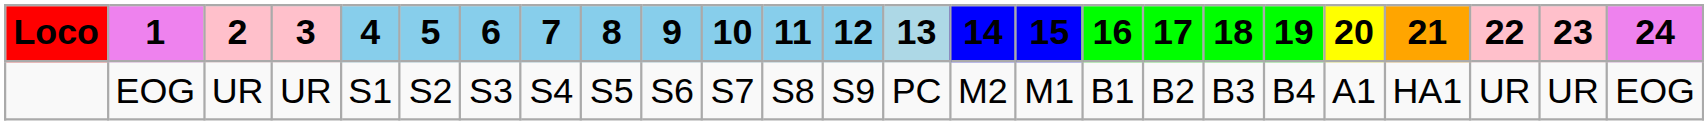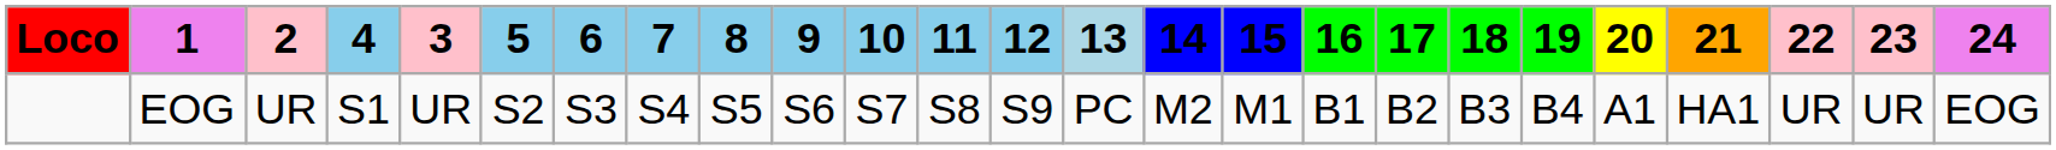 <table class="wikitable plainrowheaders unsortable" style="text-align:center">
 <tr>
 <th scope="col" rowspan="1" style="background:red;">Loco</th>
 <th scope="col" rowspan="1" style="background:violet;">1</th>
 <th scope="col" rowspan="1" style="background:pink;">2</th>
+<th scope="col" rowspan="1" style="background:skyblue;">4</th>
 <th scope="col" rowspan="1" style="background:pink;">3</th>
-<th scope="col" rowspan="1" style="background:skyblue;">4</th>
 <th scope="col" rowspan="1" style="background:skyblue;">5</th>
 <th scope="col" rowspan="1" style="background:skyblue;">6</th>
 <th scope="col" rowspan="1" style="background:skyblue;">7</th>
 <th scope="col" rowspan="1" style="background:skyblue;">8</th>
 <th scope="col" rowspan="1" style="background:skyblue;">9</th>
 <th scope="col" rowspan="1" style="background:skyblue;">10</th>
 <th scope="col" rowspan="1" style="background:skyblue;">11</th>
 <th scope="col" rowspan="1" style="background:skyblue;">12</th>
 <th scope="col" rowspan="1" style="background:lightblue;">13</th>
 <th scope="col" rowspan="1" style="background:blue;">14</th>
 <th scope="col" rowspan="1" style="background:blue;">15</th>
 <th scope="col" rowspan="1" style="background:lime;">16</th>
 <th scope="col" rowspan="1" style="background:lime;">17</th>
 <th scope="col" rowspan="1" style="background:lime;">18</th>
 <th scope="col" rowspan="1" style="background:lime;">19</th>
 <th scope="col" rowspan="1" style="background:yellow;">20</th>
 <th scope="col" rowspan="1" style="background:orange;">21</th>
 <th scope="col" rowspan="1" style="background:pink;">22</th>
 <th scope="col" rowspan="1" style="background:pink;">23</th>
 <th scope="col" rowspan="1" style="background:violet;">24</th>
 </tr>
 <tr>
 <td></td>
 <td>EOG</td>
 <td>UR</td>
+<td>S1</td>
 <td>UR</td>
-<td>S1</td>
 <td>S2</td>
 <td>S3</td>
 <td>S4</td>
 <td>S5</td>
 <td>S6</td>
 <td>S7</td>
 <td>S8</td>
 <td>S9</td>
 <td>PC</td>
 <td>M2</td>
 <td>M1</td>
 <td>B1</td>
 <td>B2</td>
 <td>B3</td>
 <td>B4</td>
 <td>A1</td>
 <td>HA1</td>
 <td>UR</td>
 <td>UR</td>
 <td>EOG</td>
 </tr>
 </table>
